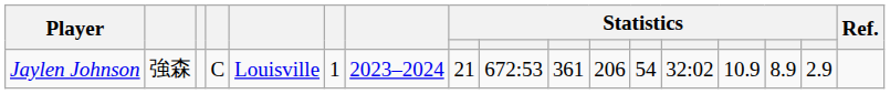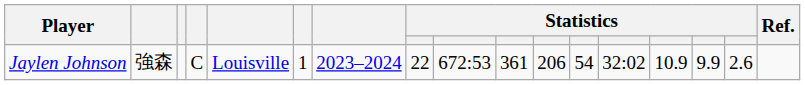 <table class="wikitable sortable" style="font-size:95%; text-align:right;">
 <tr>
 <th rowspan="2">Player</th>
 <th rowspan="2"></th>
 <th rowspan="2"></th>
 <th rowspan="2"></th>
 <th rowspan="2"></th>
 <th rowspan="2"></th>
 <th rowspan="2"></th>
 <th colspan="9">Statistics</th>
 <th rowspan="2">Ref.</th>
 </tr>
 <tr>
 <th></th>
 <th></th>
 <th></th>
 <th></th>
 <th></th>
 <th></th>
 <th></th>
 <th></th>
 <th></th>
 </tr>
 <tr>
 <td align="left"><em><a href='#'>Jaylen Johnson</a></em></td>
 <td align="left">強森</td>
 <td align="center"></td>
 <td align="center">C</td>
 <td align="left"><a href='#'>Louisville</a></td>
 <td align="center">1</td>
 <td align="center"><a href='#'>2023–2024</a></td>
-<td>21</td>
+<td>22</td>
 <td>672:53</td>
 <td>361</td>
 <td>206</td>
 <td>54</td>
 <td>32:02</td>
 <td>10.9</td>
-<td>8.9</td>
-<td>2.9</td>
+<td>9.9</td>
+<td>2.6</td>
 <td align="center"></td>
 </tr>
 </table>
